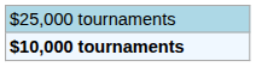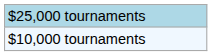 <table class="wikitable" style="font-size:85%;" width=12%>
 <tr style="background:lightblue;">
 <td>$25,000 tournaments</td>
 </tr>
 <tr style="background:#f0f8ff;">
-<td><strong>$10,000 tournaments</strong></td>
+<td>$10,000 tournaments</td>
 </tr>
 </table>
